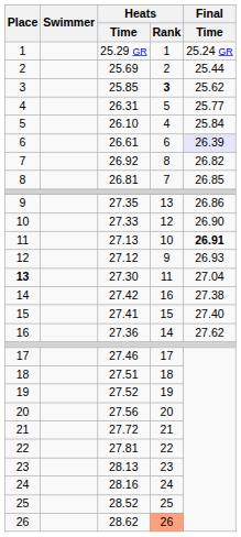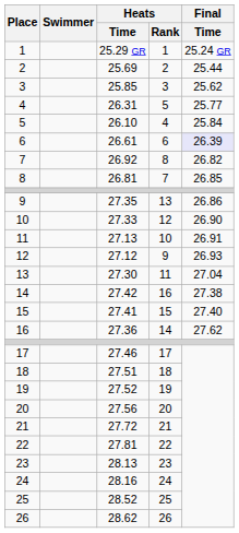 <table class="wikitable" style="text-align:center;">
 <tr>
 <th rowspan="2">Place</th>
 <th rowspan="2">Swimmer</th>
 <th colspan="2">Heats</th>
 <th>Final</th>
 </tr>
 <tr>
 <th>Time</th>
 <th>Rank</th>
 <th>Time</th>
 </tr>
 <tr>
 <td>1</td>
 <td align="left"></td>
 <td>25.29 <small><a href='#'>GR</a></small></td>
 <td>1</td>
 <td>25.24 <small><a href='#'>GR</a></small></td>
 </tr>
 <tr>
 <td>2</td>
 <td align=left></td>
 <td>25.69</td>
 <td>2</td>
 <td>25.44</td>
 </tr>
 <tr>
 <td>3</td>
 <td align=left></td>
 <td>25.85</td>
-<td><strong>3</strong></td>
+<td>3</td>
 <td>25.62</td>
 </tr>
 <tr>
 <td>4</td>
 <td align=left></td>
 <td>26.31</td>
 <td>5</td>
 <td>25.77</td>
 </tr>
 <tr>
 <td>5</td>
 <td align=left></td>
 <td>26.10</td>
 <td>4</td>
 <td>25.84</td>
 </tr>
 <tr>
 <td>6</td>
 <td align=left></td>
 <td>26.61</td>
 <td>6</td>
 <td style="background: lavender;">26.39</td>
 </tr>
 <tr>
 <td>7</td>
 <td align=left></td>
 <td>26.92</td>
 <td>8</td>
 <td>26.82</td>
 </tr>
 <tr>
 <td>8</td>
 <td align=left></td>
 <td>26.81</td>
 <td>7</td>
 <td>26.85</td>
 </tr>
 <tr>
 <td colspan=5 bgcolor=lightgray></td>
 </tr>
 <tr>
 <td>9</td>
 <td align="left"></td>
 <td>27.35</td>
 <td>13</td>
 <td>26.86</td>
 </tr>
 <tr>
 <td>10</td>
 <td align="left"></td>
 <td>27.33</td>
 <td>12</td>
 <td>26.90</td>
 </tr>
 <tr>
 <td>11</td>
 <td align="left"></td>
 <td>27.13</td>
 <td>10</td>
-<td><strong>26.91</strong></td>
+<td>26.91</td>
 </tr>
 <tr>
 <td>12</td>
 <td align="left"></td>
 <td>27.12</td>
 <td>9</td>
 <td>26.93</td>
 </tr>
 <tr>
-<td><strong>13</strong></td>
+<td>13</td>
 <td align="left"></td>
 <td>27.30</td>
 <td>11</td>
 <td>27.04</td>
 </tr>
 <tr>
 <td>14</td>
 <td align="left"></td>
 <td>27.42</td>
 <td>16</td>
 <td>27.38</td>
 </tr>
 <tr>
 <td>15</td>
 <td align="left"></td>
 <td>27.41</td>
 <td>15</td>
 <td>27.40</td>
 </tr>
 <tr>
 <td>16</td>
 <td align="left"></td>
 <td>27.36</td>
 <td>14</td>
 <td>27.62</td>
 </tr>
 <tr>
 <td colspan=5 bgcolor=lightgray></td>
 </tr>
 <tr>
 <td>17</td>
 <td align="left"></td>
 <td>27.46</td>
 <td>17</td>
 <td colspan="2" rowspan=10></td>
 </tr>
 <tr>
 <td>18</td>
 <td align="left"></td>
 <td>27.51</td>
 <td>18</td>
 </tr>
 <tr>
 <td>19</td>
 <td align="left"></td>
 <td>27.52</td>
 <td>19</td>
 </tr>
 <tr>
 <td>20</td>
 <td align="left"></td>
 <td>27.56</td>
 <td>20</td>
 </tr>
 <tr>
 <td>21</td>
 <td align="left"></td>
 <td>27.72</td>
 <td>21</td>
 </tr>
 <tr>
 <td>22</td>
 <td align="left"></td>
 <td>27.81</td>
 <td>22</td>
 </tr>
 <tr>
 <td>23</td>
 <td align="left"></td>
 <td>28.13</td>
 <td>23</td>
 </tr>
 <tr>
 <td>24</td>
 <td align="left"></td>
 <td>28.16</td>
 <td>24</td>
 </tr>
 <tr>
 <td>25</td>
 <td align="left"></td>
 <td>28.52</td>
 <td>25</td>
 </tr>
 <tr>
 <td>26</td>
 <td align="left"></td>
 <td>28.62</td>
-<td style="background: lightsalmon;">26</td>
+<td>26</td>
 </tr>
 </table>
